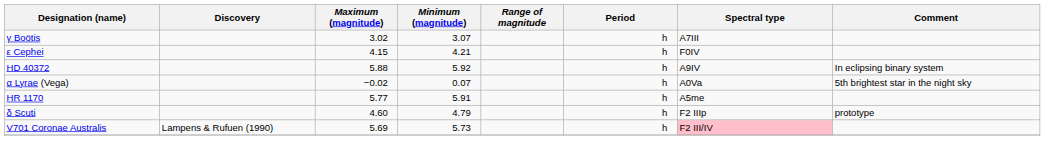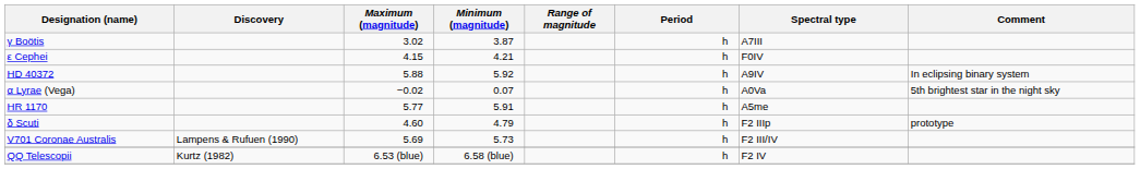 <table class="wikitable sortable" style="font-size:90%;">
 <tr bgcolor="#efefef">
 <th width="15%"><strong>Designation (name)</strong></th>
 <th width="15%"><strong>Discovery</strong></th>
 <th width="8%"><em>Maximum</em> (<a href='#'>magnitude</a>)</th>
 <th width="8%"><em>Minimum</em> (<a href='#'>magnitude</a>)</th>
 <th width="8%"><em>Range of magnitude</em></th>
 <th width="11%"><strong>Period</strong></th>
 <th width="15%"><strong>Spectral type</strong></th>
 <th width="25%"><strong>Comment</strong></th>
 </tr>
 <tr -->
 <td><a href='#'>γ Boötis</a></td>
 <td></td>
 <td style="text-align:right; padding-right: 1em;">3.02</td>
-<td style="text-align:right; padding-right: 1em;">3.07</td>
+<td style="text-align:right; padding-right: 1em;">3.87</td>
 <td style="text-align:right; padding-right: 1em;"></td>
 <td style="text-align:right; padding-right: 1em;"> h</td>
 <td>A7III</td>
 <td></td>
 </tr>
 <tr -->
 <td><a href='#'>ε Cephei</a></td>
 <td></td>
 <td style="text-align:right; padding-right: 1em;">4.15</td>
 <td style="text-align:right; padding-right: 1em;">4.21</td>
 <td style="text-align:right; padding-right: 1em;"></td>
 <td style="text-align:right; padding-right: 1em;"> h</td>
 <td>F0IV</td>
 <td></td>
 </tr>
 <tr -->
 <td><a href='#'>HD 40372</a></td>
 <td></td>
 <td style="text-align:right; padding-right: 1em;">5.88</td>
 <td style="text-align:right; padding-right: 1em;">5.92</td>
 <td style="text-align:right; padding-right: 1em;"></td>
 <td style="text-align:right; padding-right: 1em;"> h</td>
 <td>A9IV</td>
 <td>In eclipsing binary system</td>
 </tr>
 <tr -->
 <td><a href='#'>α Lyrae</a> (Vega)</td>
 <td></td>
 <td style="text-align:right; padding-right: 1em;">−0.02</td>
 <td style="text-align:right; padding-right: 1em;">0.07</td>
 <td style="text-align:right; padding-right: 1em;"></td>
 <td style="text-align:right; padding-right: 1em;"> h</td>
 <td>A0Va</td>
 <td>5th brightest star in the night sky</td>
 </tr>
 <tr -->
 <td><a href='#'>HR 1170</a></td>
 <td></td>
 <td style="text-align:right; padding-right: 1em;">5.77</td>
 <td style="text-align:right; padding-right: 1em;">5.91</td>
 <td style="text-align:right; padding-right: 1em;"></td>
 <td style="text-align:right; padding-right: 1em;"> h</td>
 <td>A5me</td>
 <td></td>
 </tr>
 <tr -->
 <td><a href='#'>δ Scuti</a></td>
 <td></td>
 <td style="text-align:right; padding-right: 1em;">4.60</td>
 <td style="text-align:right; padding-right: 1em;">4.79</td>
 <td style="text-align:right; padding-right: 1em;"></td>
 <td style="text-align:right; padding-right: 1em;"> h</td>
 <td>F2 IIIp</td>
 <td>prototype</td>
 </tr>
 <tr -->
 <td><a href='#'>V701 Coronae Australis</a></td>
 <td>Lampens & Rufuen (1990)</td>
 <td style="text-align:right; padding-right: 1em;">5.69</td>
 <td style="text-align:right; padding-right: 1em;">5.73</td>
 <td style="text-align:right; padding-right: 1em;"></td>
 <td style="text-align:right; padding-right: 1em;"> h</td>
-<td style="background: pink;">F2 III/IV</td>
+<td>F2 III/IV</td>
 <td></td>
 </tr>
 <tr -->
 </tr>
 <tr -->
+<td><a href='#'>QQ Telescopii</a></td>
+<td>Kurtz (1982)</td>
+<td style="text-align:right; padding-right: 1em;">6.53 (blue)</td>
+<td style="text-align:right; padding-right: 1em;">6.58 (blue)</td>
+<td style="text-align:right; padding-right: 1em;"></td>
+<td style="text-align:right; padding-right: 1em;"> h</td>
+<td bgcolor=>F2 IV</td>
+<td></td>
+</tr>
+<tr -->
 </tr>
 </table>
